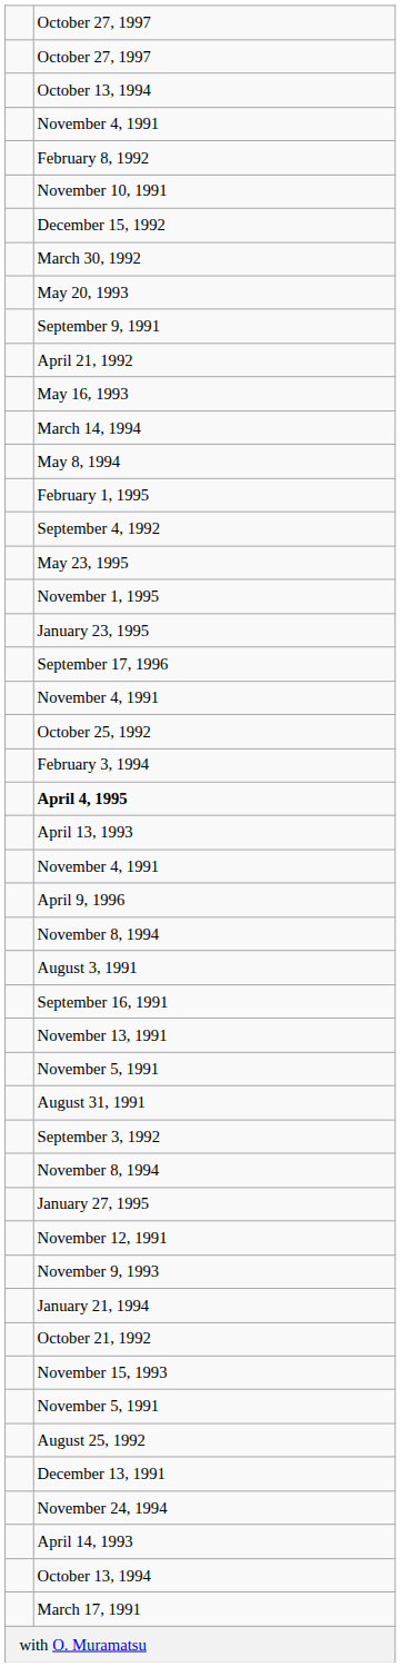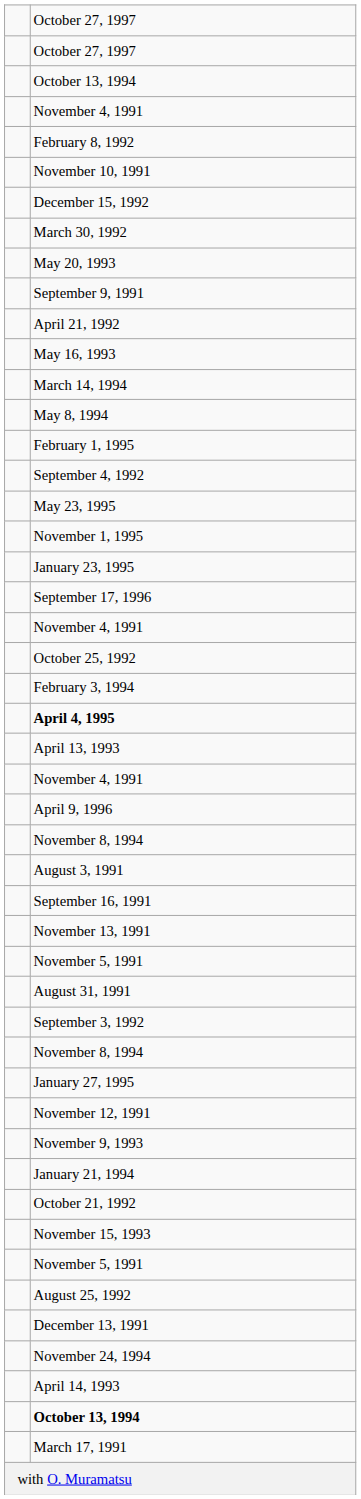 <table class="wikitable" style="font-size: 89%; float: left; width: 24em; margin-right: 1em; line-height: 1.6em !important;">
 <tr>
 <td></td>
 <td>October 27, 1997</td>
 </tr>
 <tr>
 <td></td>
 <td>October 27, 1997</td>
 </tr>
 <tr>
 <td></td>
 <td>October 13, 1994</td>
 </tr>
 <tr>
 <td></td>
 <td>November 4, 1991</td>
 </tr>
 <tr>
 <td></td>
 <td>February 8, 1992</td>
 </tr>
 <tr>
 <td></td>
 <td>November 10, 1991</td>
 </tr>
 <tr>
 <td></td>
 <td>December 15, 1992</td>
 </tr>
 <tr>
 <td></td>
 <td>March 30, 1992</td>
 </tr>
 <tr>
 <td></td>
 <td>May 20, 1993</td>
 </tr>
 <tr>
 <td></td>
 <td>September 9, 1991</td>
 </tr>
 <tr>
 <td></td>
 <td>April 21, 1992</td>
 </tr>
 <tr>
 <td></td>
 <td>May 16, 1993</td>
 </tr>
 <tr>
 <td></td>
 <td>March 14, 1994</td>
 </tr>
 <tr>
 <td></td>
 <td>May 8, 1994</td>
 </tr>
 <tr>
 <td></td>
 <td>February 1, 1995</td>
 </tr>
 <tr>
 <td></td>
 <td>September 4, 1992</td>
 </tr>
 <tr>
 <td></td>
 <td>May 23, 1995</td>
 </tr>
 <tr>
 <td></td>
 <td>November 1, 1995</td>
 </tr>
 <tr>
 <td></td>
 <td>January 23, 1995</td>
 </tr>
 <tr>
 <td></td>
 <td>September 17, 1996</td>
 </tr>
 <tr>
 <td></td>
 <td>November 4, 1991</td>
 </tr>
 <tr>
 <td></td>
 <td>October 25, 1992</td>
 </tr>
 <tr>
 <td></td>
 <td>February 3, 1994</td>
 </tr>
 <tr>
 <td></td>
 <td><strong>April 4, 1995</strong></td>
 </tr>
 <tr>
 <td></td>
 <td>April 13, 1993</td>
 </tr>
 <tr>
 <td></td>
 <td>November 4, 1991</td>
 </tr>
 <tr>
 <td></td>
 <td>April 9, 1996</td>
 </tr>
 <tr>
 <td></td>
 <td>November 8, 1994</td>
 </tr>
 <tr>
 <td></td>
 <td>August 3, 1991</td>
 </tr>
 <tr>
 <td></td>
 <td>September 16, 1991</td>
 </tr>
 <tr>
 <td></td>
 <td>November 13, 1991</td>
 </tr>
 <tr>
 <td></td>
 <td>November 5, 1991</td>
 </tr>
 <tr>
 <td></td>
 <td>August 31, 1991</td>
 </tr>
 <tr>
 <td></td>
 <td>September 3, 1992</td>
 </tr>
 <tr>
 <td></td>
 <td>November 8, 1994</td>
 </tr>
 <tr>
 <td></td>
 <td>January 27, 1995</td>
 </tr>
 <tr>
 <td></td>
 <td>November 12, 1991</td>
 </tr>
 <tr>
 <td></td>
 <td>November 9, 1993</td>
 </tr>
 <tr>
 <td></td>
 <td>January 21, 1994</td>
 </tr>
 <tr>
 <td></td>
 <td>October 21, 1992</td>
 </tr>
 <tr>
 <td></td>
 <td>November 15, 1993</td>
 </tr>
 <tr>
 <td></td>
 <td>November 5, 1991</td>
 </tr>
 <tr>
 <td></td>
 <td>August 25, 1992</td>
 </tr>
 <tr>
 <td></td>
 <td>December 13, 1991</td>
 </tr>
 <tr>
 <td></td>
 <td>November 24, 1994</td>
 </tr>
 <tr>
 <td></td>
 <td>April 14, 1993</td>
 </tr>
 <tr>
 <td></td>
-<td>October 13, 1994</td>
+<td><strong>October 13, 1994</strong></td>
 </tr>
 <tr>
 <td> </td>
 <td>March 17, 1991</td>
 </tr>
 <tr>
 <th colspan=2 style="font-weight: normal; text-align: left; padding: 4px 12px;"> with <a href='#'>O. Muramatsu</a></th>
 </tr>
 </table>
